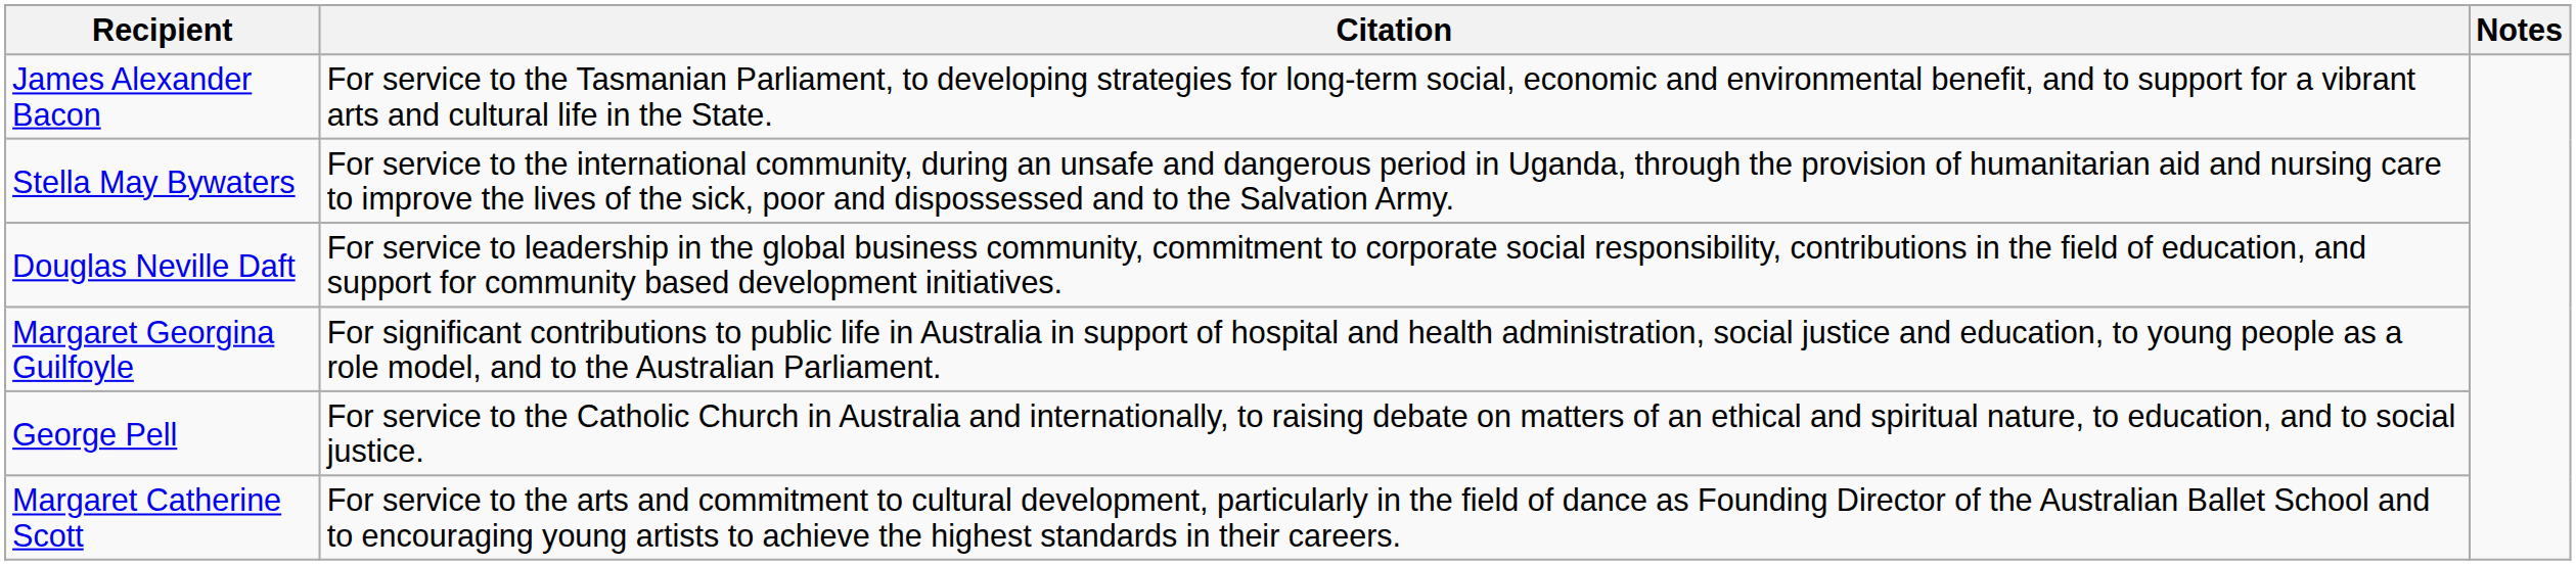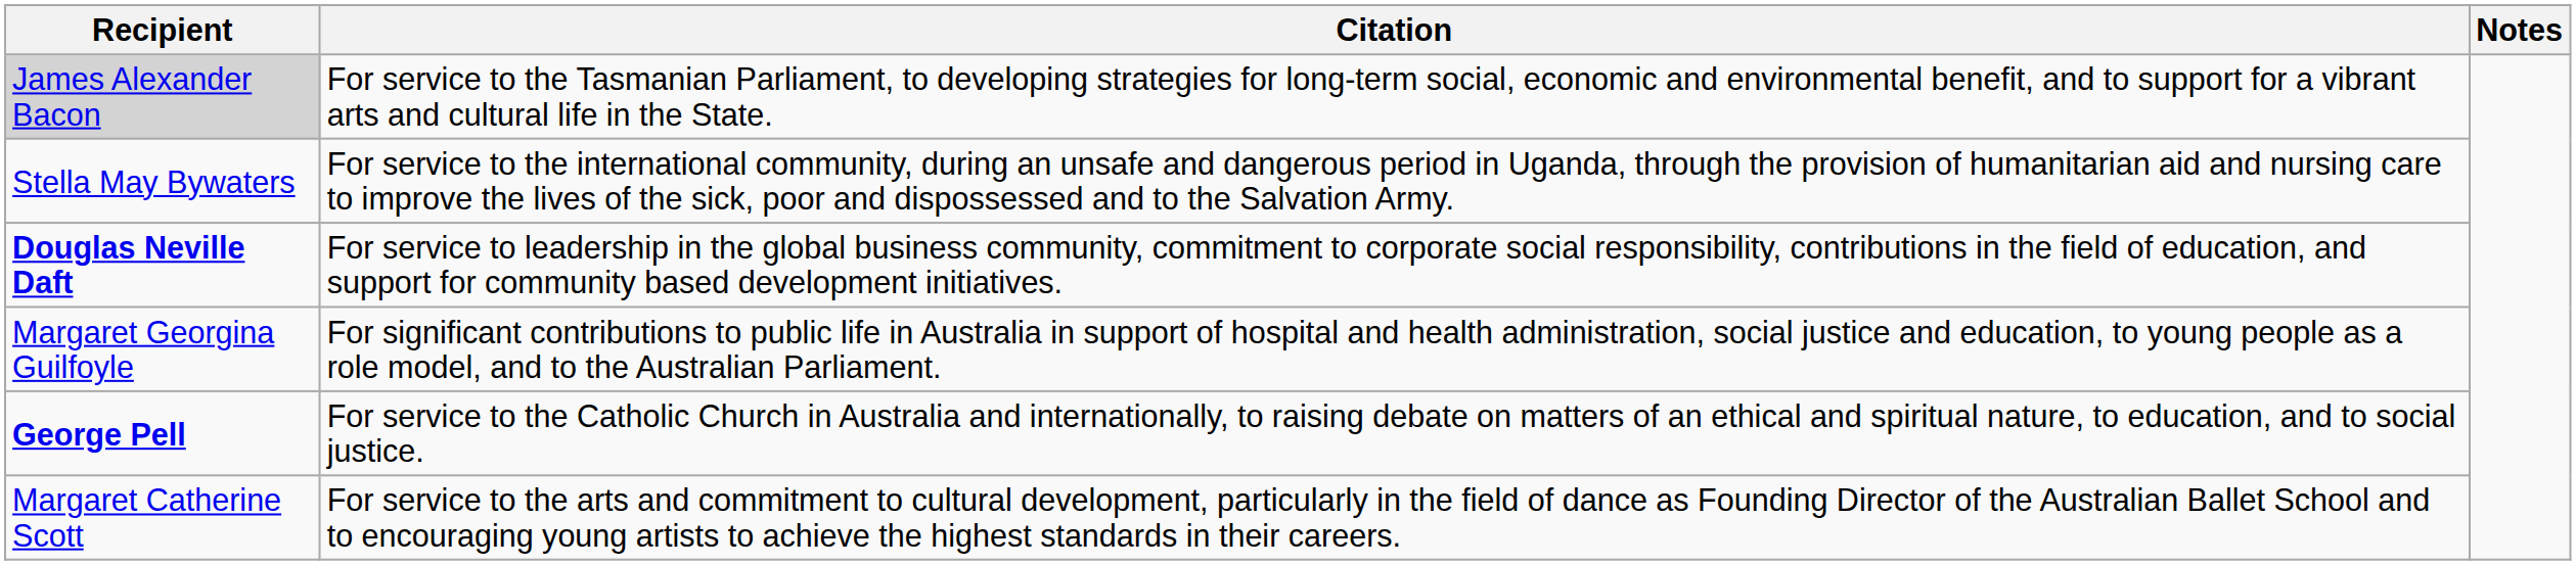 <table class="wikitable" style="font-size:95%;">
 <tr>
 <th>Recipient</th>
 <th>Citation</th>
 <th>Notes</th>
 </tr>
 <tr>
-<td> <a href='#'>James Alexander Bacon</a></td>
+<td style="background: lightgrey;"> <a href='#'>James Alexander Bacon</a></td>
 <td>For service to the Tasmanian Parliament, to developing strategies for long-term social, economic and environmental benefit, and to support for a vibrant arts and cultural life in the State.</td>
 <td rowspan=7></td>
 </tr>
 <tr>
 <td><a href='#'>Stella May Bywaters</a></td>
 <td>For service to the international community, during an unsafe and dangerous period in Uganda, through the provision of humanitarian aid and nursing care to improve the lives of the sick, poor and dispossessed and to the Salvation Army.</td>
 </tr>
 <tr>
-<td><a href='#'>Douglas Neville Daft</a></td>
+<td><strong><a href='#'>Douglas Neville Daft</a></strong></td>
 <td>For service to leadership in the global business community, commitment to corporate social responsibility, contributions in the field of education, and support for community based development initiatives.</td>
 </tr>
 <tr>
 <td> <a href='#'>Margaret Georgina Guilfoyle</a></td>
 <td>For significant contributions to public life in Australia in support of hospital and health administration, social justice and education, to young people as a role model, and to the Australian Parliament.</td>
 </tr>
 <tr>
-<td> <a href='#'>George Pell</a></td>
+<td><strong> <a href='#'>George Pell</a></strong></td>
 <td>For service to the Catholic Church in Australia and internationally, to raising debate on matters of an ethical and spiritual nature, to education, and to social justice.</td>
 </tr>
 <tr>
 <td> <a href='#'>Margaret Catherine Scott</a></td>
 <td>For service to the arts and commitment to cultural development, particularly in the field of dance as Founding Director of the Australian Ballet School and to encouraging young artists to achieve the highest standards in their careers.</td>
 </tr>
 </table>
